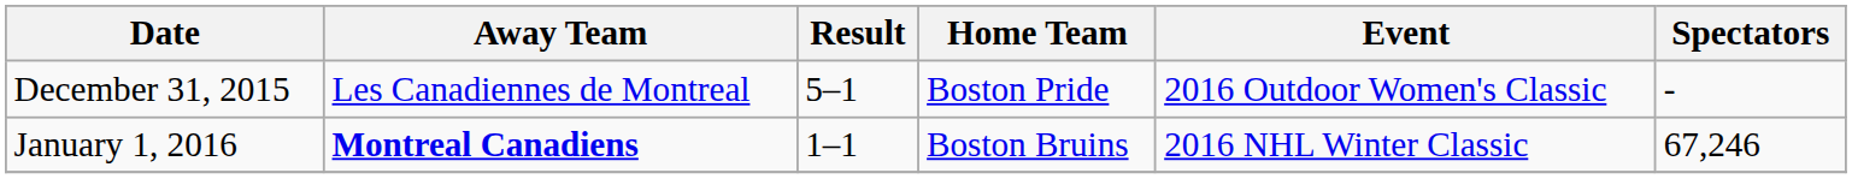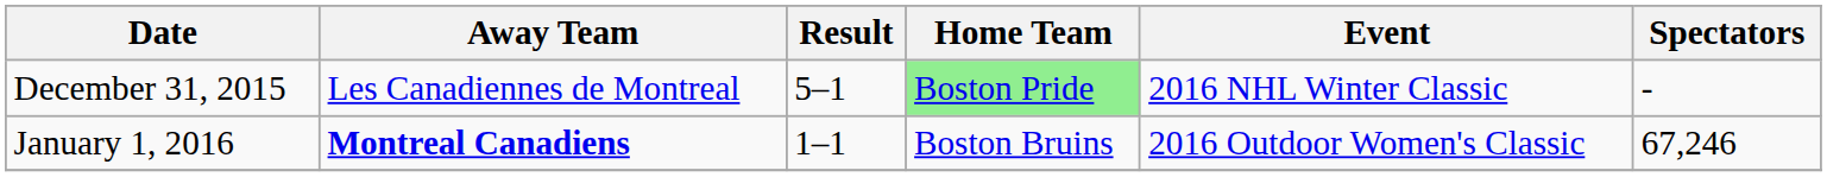 <table class="wikitable" style="text-align:left; width:95%;" style="text-align:center">
 <tr>
 <th style="text-align:center; ">Date</th>
 <th style="text-align:center; ">Away Team</th>
 <th style="text-align:center; ">Result</th>
 <th style="text-align:center; ">Home Team</th>
 <th style="text-align:center; ">Event</th>
 <th style="text-align:center; ">Spectators</th>
 </tr>
 <tr>
 <td>December 31, 2015</td>
 <td> <a href='#'>Les Canadiennes de Montreal</a></td>
 <td>5–1</td>
-<td> <a href='#'>Boston Pride</a></td>
-<td><a href='#'>2016 Outdoor Women's Classic</a></td>
+<td style="background: lightgreen;"> <a href='#'>Boston Pride</a></td>
+<td><a href='#'>2016 NHL Winter Classic</a></td>
 <td>-</td>
 </tr>
 <tr>
 <td>January 1, 2016</td>
 <td> <strong><a href='#'>Montreal Canadiens</a></strong></td>
 <td>1–1</td>
 <td> <a href='#'>Boston Bruins</a></td>
-<td><a href='#'>2016 NHL Winter Classic</a></td>
+<td><a href='#'>2016 Outdoor Women's Classic</a></td>
 <td>67,246</td>
 </tr>
 <tr>
 </tr>
 </table>
